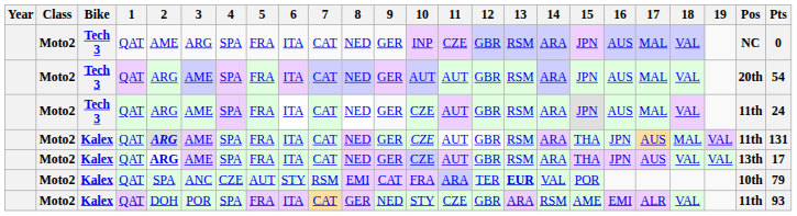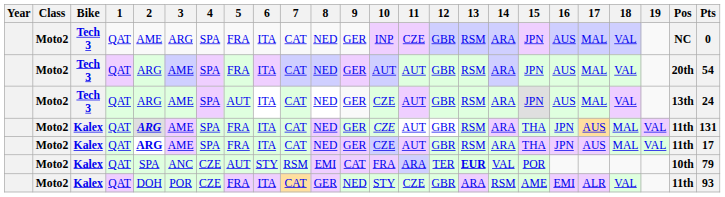 <table class="wikitable" style="text-align:center;">
 <tr>
 <th>Year</th>
 <th>Class</th>
 <th>Bike</th>
 <th>1</th>
 <th>2</th>
 <th>3</th>
 <th>4</th>
 <th>5</th>
 <th>6</th>
 <th>7</th>
 <th>8</th>
 <th>9</th>
 <th>10</th>
 <th>11</th>
 <th>12</th>
 <th>13</th>
 <th>14</th>
 <th>15</th>
 <th>16</th>
 <th>17</th>
 <th>18</th>
 <th>19</th>
 <th>Pos</th>
 <th>Pts</th>
 </tr>
 <tr>
 <th></th>
 <th>Moto2</th>
 <th><a href='#'>Tech 3</a></th>
 <td><a href='#'>QAT</a></td>
 <td><a href='#'>AME</a></td>
 <td><a href='#'>ARG</a></td>
 <td><a href='#'>SPA</a></td>
 <td><a href='#'>FRA</a></td>
 <td><a href='#'>ITA</a></td>
 <td><a href='#'>CAT</a></td>
 <td><a href='#'>NED</a></td>
 <td><a href='#'>GER</a></td>
 <td style="background:#efcfff;"><a href='#'>INP</a><br></td>
 <td style="background:#efcfff;"><a href='#'>CZE</a><br></td>
 <td style="background:#CFCFFF;"><a href='#'>GBR</a><br></td>
 <td style="background:#CFCFFF;"><a href='#'>RSM</a><br></td>
 <td style="background:#CFCFFF;"><a href='#'>ARA</a><br></td>
 <td style="background:#efcfff;"><a href='#'>JPN</a><br></td>
 <td style="background:#CFCFFF;"><a href='#'>AUS</a><br></td>
 <td style="background:#CFCFFF;"><a href='#'>MAL</a><br></td>
 <td style="background:#CFCFFF;"><a href='#'>VAL</a><br></td>
 <td></td>
 <th>NC</th>
 <th>0</th>
 </tr>
 <tr>
 <th></th>
 <th>Moto2</th>
 <th><a href='#'>Tech 3</a></th>
 <td style="background:#efcfff;"><a href='#'>QAT</a><br></td>
 <td style="background:#dfffdf;"><a href='#'>ARG</a><br></td>
 <td style="background:#cfcfff;"><a href='#'>AME</a><br></td>
 <td style="background:#efcfff;"><a href='#'>SPA</a><br></td>
 <td style="background:#dfffdf;"><a href='#'>FRA</a><br></td>
 <td style="background:#efcfff;"><a href='#'>ITA</a><br></td>
 <td style="background:#cfcfff;"><a href='#'>CAT</a><br></td>
 <td style="background:#cfcfff;"><a href='#'>NED</a><br></td>
 <td style="background:#efcfff;"><a href='#'>GER</a><br></td>
 <td style="background:#cfcfff;"><a href='#'>AUT</a><br></td>
 <td style="background:#dfffdf;"><a href='#'>AUT</a><br></td>
 <td style="background:#dfffdf;"><a href='#'>GBR</a><br></td>
 <td style="background:#dfffdf;"><a href='#'>RSM</a><br></td>
 <td style="background:#cfcfff;"><a href='#'>ARA</a><br></td>
 <td style="background:#dfffdf;"><a href='#'>JPN</a><br></td>
 <td style="background:#dfffdf;"><a href='#'>AUS</a><br></td>
 <td style="background:#dfffdf;"><a href='#'>MAL</a><br></td>
 <td style="background:#dfffdf;"><a href='#'>VAL</a><br></td>
 <td></td>
 <th>20th</th>
 <th>54</th>
 </tr>
 <tr>
 <th></th>
 <th>Moto2</th>
 <th><a href='#'>Tech 3</a></th>
 <td style="background:#DFFFDF;"><a href='#'>QAT</a><br></td>
 <td style="background:#DFFFDF;"><a href='#'>ARG</a><br></td>
 <td style="background:#DFFFDF;"><a href='#'>AME</a><br></td>
 <td style="background:#efcfff;"><a href='#'>SPA</a><br></td>
-<td style="background:#DFFFDF;"><a href='#'>FRA</a><br></td>
+<td style="background:#dfffdf;"><a href='#'>AUT</a><br></td>
 <td style="background:#FFFFFF;"><a href='#'>ITA</a><br></td>
 <td style="background:#DFFFDF;"><a href='#'>CAT</a><br></td>
 <td style="background:#FFFFFF;"><a href='#'>NED</a><br></td>
 <td><a href='#'>GER</a></td>
 <td style="background:#DFFFDF;"><a href='#'>CZE</a><br></td>
 <td style="background:#efcfff;"><a href='#'>AUT</a><br></td>
 <td style="background:#DFFFDF;"><a href='#'>GBR</a><br></td>
 <td style="background:#DFFFDF;"><a href='#'>RSM</a><br></td>
 <td style="background:#DFFFDF;"><a href='#'>ARA</a><br></td>
 <td style="background:#DFDFDF;"><a href='#'>JPN</a><br></td>
 <td style="background:#DFFFDF;"><a href='#'>AUS</a><br></td>
 <td style="background:#DFFFDF;"><a href='#'>MAL</a><br></td>
 <td style="background:#efcfff;"><a href='#'>VAL</a><br></td>
 <td></td>
-<th>11th</th>
+<th>13th</th>
 <th>24</th>
 </tr>
 <tr>
 <th></th>
 <th>Moto2</th>
 <th><a href='#'>Kalex</a></th>
 <td style="background:#dfffdf;"><a href='#'>QAT</a><br></td>
 <td style="background:#dfdfdf;"><strong><em><a href='#'>ARG</a></em></strong><br></td>
 <td style="background:#efcfff;"><a href='#'>AME</a><br></td>
 <td style="background:#dfffdf;"><a href='#'>SPA</a><br></td>
 <td style="background:#dfffdf;"><a href='#'>FRA</a><br></td>
 <td style="background:#dfffdf;"><a href='#'>ITA</a><br></td>
 <td style="background:#dfffdf;"><a href='#'>CAT</a><br></td>
 <td style="background:#efcfff;"><a href='#'>NED</a><br></td>
 <td style="background:#dfffdf;"><a href='#'>GER</a><br></td>
 <td style="background:#dfffdf;"><em><a href='#'>CZE</a></em><br></td>
 <td style="background:#ffffff;"><a href='#'>AUT</a><br></td>
 <td style="background:#ffffff;"><a href='#'>GBR</a><br></td>
 <td style="background:#dfffdf;"><a href='#'>RSM</a><br></td>
 <td style="background:#efcfff;"><a href='#'>ARA</a><br></td>
 <td style="background:#dfffdf;"><a href='#'>THA</a><br></td>
 <td style="background:#dfffdf;"><a href='#'>JPN</a><br></td>
 <td style="background:#FFDF9F;"><a href='#'>AUS</a><br></td>
 <td style="background:#dfffdf;"><a href='#'>MAL</a><br></td>
 <td style="background:#efcfff;"><a href='#'>VAL</a><br></td>
 <th>11th</th>
 <th>131</th>
 </tr>
 <tr>
 <th></th>
 <th>Moto2</th>
 <th><a href='#'>Kalex</a></th>
 <td style="background:#dfffdf;"><a href='#'>QAT</a><br></td>
 <td style="background:#ffffff;"><strong><a href='#'>ARG</a></strong><br></td>
 <td style="background:#efcfff;"><a href='#'>AME</a><br></td>
 <td style="background:#dfffdf;"><a href='#'>SPA</a><br></td>
 <td style="background:#dfffdf;"><a href='#'>FRA</a><br></td>
 <td style="background:#dfffdf;"><a href='#'>ITA</a><br></td>
 <td style="background:#dfffdf;"><a href='#'>CAT</a><br></td>
 <td style="background:#efcfff;"><a href='#'>NED</a><br></td>
 <td style="background:#efcfff;"><a href='#'>GER</a><br></td>
 <td style="background:#cfcfff;"><a href='#'>CZE</a><br></td>
 <td style="background:#efcfff;"><a href='#'>AUT</a><br></td>
 <td style="background:#dfffdf;"><a href='#'>GBR</a><br></td>
 <td style="background:#dfffdf;"><a href='#'>RSM</a><br></td>
 <td style="background:#dfffdf;"><a href='#'>ARA</a><br></td>
 <td style="background:#efcfff;"><a href='#'>THA</a><br></td>
 <td style="background:#efcfff;"><a href='#'>JPN</a><br></td>
 <td style="background:#efcfff;"><a href='#'>AUS</a><br></td>
+<td style="background:#dfffdf;"><a href='#'>MAL</a><br></td>
 <td style="background:#dfffdf;"><a href='#'>VAL</a><br></td>
-<td style="background:#dfffdf;"><a href='#'>VAL</a><br></td>
-<th>13th</th>
+<th>11th</th>
 <th>17</th>
 </tr>
 <tr>
 <th></th>
 <th>Moto2</th>
 <th><a href='#'>Kalex</a></th>
 <td style="background:#dfffdf;"><a href='#'>QAT</a><br></td>
 <td style="background:#dfffdf;"><a href='#'>SPA</a><br></td>
 <td style="background:#dfffdf;"><a href='#'>ANC</a><br></td>
 <td style="background:#dfffdf;"><a href='#'>CZE</a><br></td>
 <td style="background:#dfffdf;"><a href='#'>AUT</a><br></td>
 <td style="background:#dfffdf;"><a href='#'>STY</a><br></td>
 <td style="background:#dfffdf;"><a href='#'>RSM</a><br></td>
 <td style="background:#efcfff;"><a href='#'>EMI</a><br></td>
 <td style="background:#efcfff;"><a href='#'>CAT</a><br></td>
 <td style="background:#efcfff;"><a href='#'>FRA</a><br></td>
 <td style="background:#cfcfff;"><a href='#'>ARA</a><br></td>
 <td style="background:#dfffdf;"><a href='#'>TER</a><br></td>
 <td style="background:#dfffdf;"><strong><a href='#'>EUR</a></strong><br></td>
 <td style="background:#dfffdf;"><a href='#'>VAL</a><br></td>
 <td style="background:#dfffdf;"><a href='#'>POR</a><br></td>
 <td></td>
 <td></td>
 <td></td>
 <td></td>
 <th>10th</th>
 <th>79</th>
 </tr>
 <tr>
 <th></th>
 <th>Moto2</th>
 <th><a href='#'>Kalex</a></th>
 <td style="background:#efcfff;"><a href='#'>QAT</a><br></td>
 <td style="background:#dfffdf;"><a href='#'>DOH</a><br></td>
 <td style="background:#dfffdf;"><a href='#'>POR</a><br></td>
-<td style="background:#dfffdf;"><a href='#'>SPA</a><br></td>
+<td style="background:#dfffdf;"><a href='#'>CZE</a><br></td>
 <td style="background:#efcfff;"><a href='#'>FRA</a><br></td>
 <td style="background:#efcfff;"><a href='#'>ITA</a><br></td>
 <td style="background:#ffdf9f;"><a href='#'>CAT</a><br></td>
 <td style="background:#efcfff;"><a href='#'>GER</a><br></td>
 <td style="background:#dfffdf;"><a href='#'>NED</a><br></td>
 <td style="background:#dfffdf;"><a href='#'>STY</a><br></td>
 <td style="background:#dfffdf;"><a href='#'>CZE</a><br></td>
 <td style="background:#dfffdf;"><a href='#'>GBR</a><br></td>
 <td style="background:#efcfff;"><a href='#'>ARA</a><br></td>
 <td style="background:#dfffdf;"><a href='#'>RSM</a><br></td>
 <td style="background:#dfffdf;"><a href='#'>AME</a><br></td>
 <td style="background:#efcfff;"><a href='#'>EMI</a><br></td>
 <td style="background:#efcfff;"><a href='#'>ALR</a><br></td>
 <td style="background:#dfffdf;"><a href='#'>VAL</a><br></td>
 <td></td>
 <th>11th</th>
 <th>93</th>
 </tr>
 </table>
